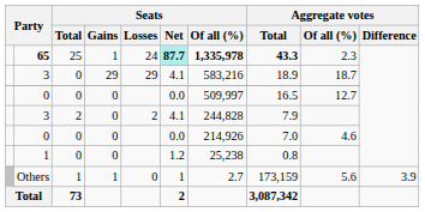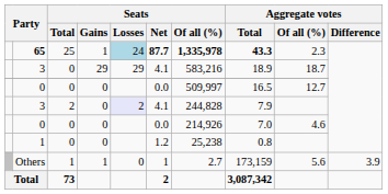 <table class="wikitable sortable" style="text-align:right; font-size:95%;">
 <tr>
 <th colspan="2" rowspan="2">Party</th>
 <th colspan="5">Seats</th>
 <th colspan="3">Aggregate votes</th>
 </tr>
 <tr>
 <th>Total</th>
 <th>Gains</th>
 <th>Losses</th>
 <th>Net</th>
 <th>Of all (%)</th>
 <th>Total</th>
 <th>Of all (%)</th>
 <th>Difference</th>
 </tr>
 <tr>
 <td></td>
 <td><strong>65</strong></td>
 <td>25</td>
 <td>1</td>
-<td>24</td>
-<td style="background: paleturquoise;"><strong>87.7</strong></td>
+<td style="background: lightblue;">24</td>
+<td><strong>87.7</strong></td>
 <td><strong>1,335,978</strong></td>
 <td><strong>43.3</strong></td>
 <td>2.3</td>
 </tr>
 <tr>
 <td></td>
 <td>3</td>
 <td>0</td>
 <td>29</td>
 <td>29</td>
 <td>4.1</td>
 <td>583,216</td>
 <td>18.9</td>
 <td>18.7</td>
 </tr>
 <tr>
 </tr>
 <tr>
 <td></td>
 <td>0</td>
 <td>0</td>
 <td>0</td>
 <td></td>
 <td>0.0</td>
 <td>509,997</td>
 <td>16.5</td>
 <td>12.7</td>
 </tr>
 <tr>
 <td></td>
 <td>3</td>
 <td>2</td>
 <td>0</td>
-<td>2</td>
+<td style="background: lavender;">2</td>
 <td>4.1</td>
 <td>244,828</td>
 <td>7.9</td>
 <td></td>
 </tr>
 <tr>
 <td></td>
 <td>0</td>
 <td>0</td>
 <td>0</td>
 <td></td>
 <td>0.0</td>
 <td>214,926</td>
 <td>7.0</td>
 <td>4.6</td>
 </tr>
 <tr>
 <td></td>
 <td>1</td>
 <td>0</td>
 <td>0</td>
 <td></td>
 <td>1.2</td>
 <td>25,238</td>
 <td>0.8</td>
 <td></td>
 </tr>
 <tr>
 <td style="background:silver;"> </td>
 <td align=left>Others</td>
 <td>1</td>
 <td>1</td>
 <td>0</td>
 <td>1</td>
 <td>2.7</td>
 <td>173,159</td>
 <td>5.6</td>
 <td>3.9</td>
 </tr>
 <tr class="sortbottom" style="font-weight:bold;">
 <th colspan="2" scope="row" style="background-color:#f2f2f2;">Total</th>
 <td>73</td>
 <td></td>
 <td></td>
 <td> 2</td>
 <td></td>
 <td>3,087,342</td>
 <td></td>
 <td></td>
 </tr>
 </table>
